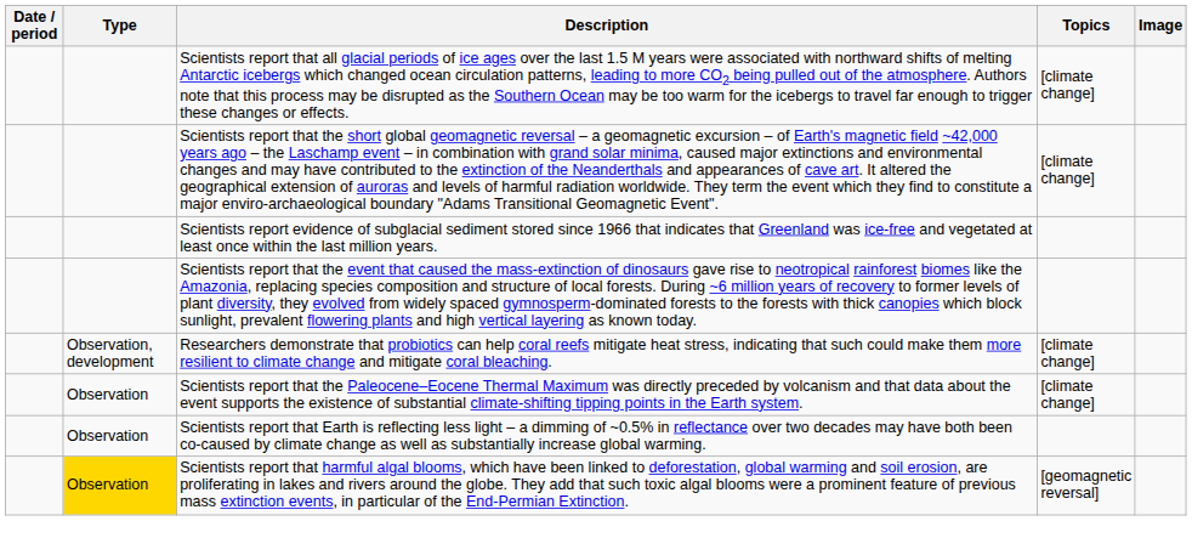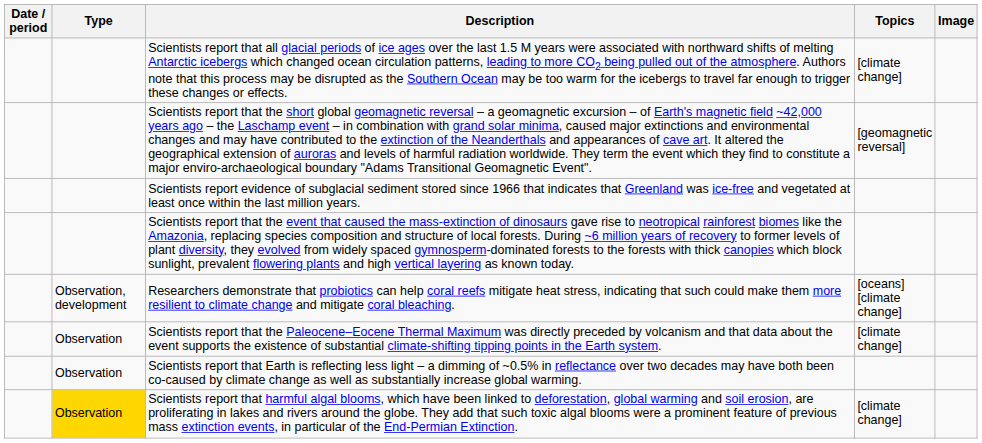 <table class="sortable wikitable">
 <tr>
 <th scope="col" width="20" style="width:5%;">Date / period</th>
 <th scope="col" width="30" style="width:10%;">Type</th>
 <th scope="col" width="30" style="width:80%;min-width:550px;" class="unsortable">Description</th>
 <th scope="col" width="3" style="width:2%;">Topics</th>
 <th scope="col" width="3" style="width:3%;">Image</th>
 </tr>
 <tr>
 <td></td>
 <td></td>
 <td>Scientists report that all <a href='#'>glacial periods</a> of <a href='#'>ice ages</a> over the last 1.5 M years were associated with northward shifts of melting <a href='#'>Antarctic icebergs</a> which changed ocean circulation patterns, <a href='#'>leading to more CO<sub>2</sub> being pulled out of the atmosphere</a>. Authors note that this process may be disrupted as the <a href='#'>Southern Ocean</a> may be too warm for the icebergs to travel far enough to trigger these changes or effects.</td>
 <td>[climate change]</td>
 <td></td>
 </tr>
 <tr>
 <td></td>
 <td></td>
 <td>Scientists report that the <a href='#'>short</a> global <a href='#'>geomagnetic reversal</a> – a geomagnetic excursion – of <a href='#'>Earth's magnetic field</a> <a href='#'>~42,000 years ago</a> – the <a href='#'>Laschamp event</a> – in combination with <a href='#'>grand solar minima</a>, caused major extinctions and environmental changes and may have contributed to the <a href='#'>extinction of the Neanderthals</a> and appearances of <a href='#'>cave art</a>. It altered the geographical extension of <a href='#'>auroras</a> and levels of harmful radiation worldwide. They term the event which they find to constitute a major enviro-archaeological boundary "Adams Transitional Geomagnetic Event".</td>
-<td>[climate change]</td>
+<td>[geomagnetic reversal]</td>
 <td></td>
 </tr>
 <tr>
 <td></td>
 <td></td>
 <td>Scientists report evidence of subglacial sediment stored since 1966 that indicates that <a href='#'>Greenland</a> was <a href='#'>ice-free</a> and vegetated at least once within the last million years.</td>
 <td></td>
 <td></td>
 </tr>
 <tr>
 <td></td>
 <td></td>
 <td>Scientists report that the <a href='#'>event that caused the mass-extinction of dinosaurs</a> gave rise to <a href='#'>neotropical</a> <a href='#'>rainforest</a> <a href='#'>biomes</a> like the <a href='#'>Amazonia</a>, replacing species composition and structure of local forests. During <a href='#'>~6 million years of recovery</a> to former levels of plant <a href='#'>diversity</a>, they <a href='#'>evolved</a> from widely spaced <a href='#'>gymnosperm</a>-dominated forests to the forests with thick <a href='#'>canopies</a> which block sunlight, prevalent <a href='#'>flowering plants</a> and high <a href='#'>vertical layering</a> as known today.</td>
 <td></td>
 <td></td>
 </tr>
 <tr>
 <td></td>
 <td>Observation, development</td>
 <td>Researchers demonstrate that <a href='#'>probiotics</a> can help <a href='#'>coral reefs</a> mitigate heat stress, indicating that such could make them <a href='#'>more resilient to climate change</a> and mitigate <a href='#'>coral bleaching</a>.</td>
-<td>[climate change]</td>
+<td>[oceans] [climate change]</td>
 <td></td>
 </tr>
 <tr>
 <td></td>
 <td>Observation</td>
 <td>Scientists report that the <a href='#'>Paleocene–Eocene Thermal Maximum</a> was directly preceded by volcanism and that data about the event supports the existence of substantial <a href='#'>climate-shifting tipping points in the Earth system</a>.</td>
 <td>[climate change]</td>
 <td></td>
 </tr>
 <tr>
 <td></td>
 <td>Observation</td>
 <td>Scientists report that Earth is reflecting less light – a dimming of ~0.5% in <a href='#'>reflectance</a> over two decades may have both been co-caused by climate change as well as substantially increase global warming.</td>
 <td></td>
 <td></td>
 </tr>
 <tr>
 <td></td>
 <td style="background: gold;">Observation</td>
 <td>Scientists report that <a href='#'>harmful algal blooms</a>, which have been linked to <a href='#'>deforestation</a>, <a href='#'>global warming</a> and <a href='#'>soil erosion</a>, are proliferating in lakes and rivers around the globe. They add that such toxic algal blooms were a prominent feature of previous mass <a href='#'>extinction events</a>, in particular of the <a href='#'>End-Permian Extinction</a>.</td>
-<td>[geomagnetic reversal]</td>
+<td>[climate change]</td>
 <td></td>
 </tr>
 </table>
